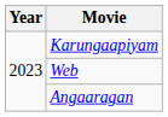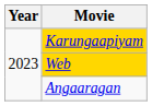 <table class="wikitable">
 <tr>
 <th>Year</th>
 <th>Movie</th>
 </tr>
 <tr>
 <td rowspan="3">2023</td>
-<td><em><a href='#'>Karungaapiyam</a></em></td>
+<td style="background: gold;"><em><a href='#'>Karungaapiyam</a></em></td>
 </tr>
 <tr>
-<td><em><a href='#'>Web</a></em></td>
+<td style="background: gold;"><em><a href='#'>Web</a></em></td>
 </tr>
 <tr>
 <td><em><a href='#'>Angaaragan</a></em></td>
 </tr>
 </table>
